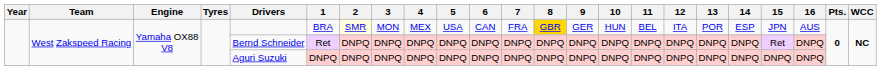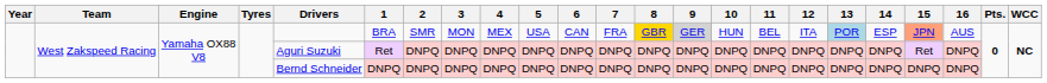 <table class="wikitable" style="text-align:center; font-size:85%">
 <tr>
 <th>Year</th>
 <th>Team</th>
 <th>Engine</th>
 <th>Tyres</th>
 <th>Drivers</th>
 <th>1</th>
 <th>2</th>
 <th>3</th>
 <th>4</th>
 <th>5</th>
 <th>6</th>
 <th>7</th>
 <th>8</th>
 <th>9</th>
 <th>10</th>
 <th>11</th>
 <th>12</th>
 <th>13</th>
 <th>14</th>
 <th>15</th>
 <th>16</th>
 <th>Pts.</th>
 <th>WCC</th>
 </tr>
 <tr>
 <td rowspan="3"></td>
 <td rowspan="3"><a href='#'>West</a> <a href='#'>Zakspeed Racing</a></td>
 <td rowspan="3"><a href='#'>Yamaha</a> OX88<br><a href='#'>V8</a></td>
 <td rowspan="3"></td>
 <td></td>
 <td><a href='#'>BRA</a></td>
-<td style="background: lightyellow;"><a href='#'>SMR</a></td>
+<td><a href='#'>SMR</a></td>
 <td><a href='#'>MON</a></td>
 <td><a href='#'>MEX</a></td>
 <td><a href='#'>USA</a></td>
 <td><a href='#'>CAN</a></td>
 <td><a href='#'>FRA</a></td>
 <td style="background: gold;"><a href='#'>GBR</a></td>
-<td><a href='#'>GER</a></td>
+<td style="background: lightgrey;"><a href='#'>GER</a></td>
 <td><a href='#'>HUN</a></td>
 <td><a href='#'>BEL</a></td>
 <td><a href='#'>ITA</a></td>
-<td><a href='#'>POR</a></td>
+<td style="background: lightblue;"><a href='#'>POR</a></td>
 <td><a href='#'>ESP</a></td>
-<td><a href='#'>JPN</a></td>
+<td style="background: lightsalmon;"><a href='#'>JPN</a></td>
 <td><a href='#'>AUS</a></td>
 <td rowspan="3"><strong>0</strong></td>
 <td rowspan="3"><strong>NC</strong></td>
 </tr>
 <tr>
-<td align="left"><a href='#'>Bernd Schneider</a></td>
+<td align="left"><a href='#'>Aguri Suzuki</a></td>
 <td style="background:#efcfff;">Ret</td>
 <td style="background:#ffcfcf;">DNPQ</td>
 <td style="background:#ffcfcf;">DNPQ</td>
 <td style="background:#ffcfcf;">DNPQ</td>
 <td style="background:#ffcfcf;">DNPQ</td>
 <td style="background:#ffcfcf;">DNPQ</td>
 <td style="background:#ffcfcf;">DNPQ</td>
 <td style="background:#ffcfcf;">DNPQ</td>
 <td style="background:#ffcfcf;">DNPQ</td>
 <td style="background:#ffcfcf;">DNPQ</td>
 <td style="background:#ffcfcf;">DNPQ</td>
 <td style="background:#ffcfcf;">DNPQ</td>
 <td style="background:#ffcfcf;">DNPQ</td>
 <td style="background:#ffcfcf;">DNPQ</td>
 <td style="background:#efcfff;">Ret</td>
 <td style="background:#ffcfcf;">DNPQ</td>
 </tr>
 <tr>
-<td align="left"><a href='#'>Aguri Suzuki</a></td>
+<td align="left"><a href='#'>Bernd Schneider</a></td>
 <td style="background:#ffcfcf;">DNPQ</td>
 <td style="background:#ffcfcf;">DNPQ</td>
 <td style="background:#ffcfcf;">DNPQ</td>
 <td style="background:#ffcfcf;">DNPQ</td>
 <td style="background:#ffcfcf;">DNPQ</td>
 <td style="background:#ffcfcf;">DNPQ</td>
 <td style="background:#ffcfcf;">DNPQ</td>
 <td style="background:#ffcfcf;">DNPQ</td>
 <td style="background:#ffcfcf;">DNPQ</td>
 <td style="background:#ffcfcf;">DNPQ</td>
 <td style="background:#ffcfcf;">DNPQ</td>
 <td style="background:#ffcfcf;">DNPQ</td>
 <td style="background:#ffcfcf;">DNPQ</td>
 <td style="background:#ffcfcf;">DNPQ</td>
 <td style="background:#ffcfcf;">DNPQ</td>
 <td style="background:#ffcfcf;">DNPQ</td>
 </tr>
 </table>
